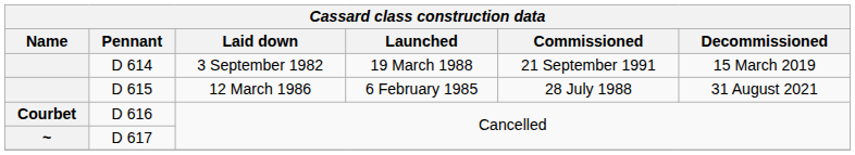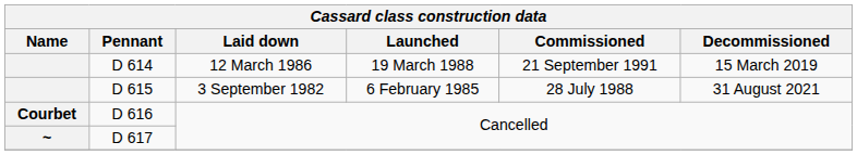 <table class="wikitable plainrowheaders" style="margin:auto; width:100%;">
 <tr>
 <th colspan="6"><strong><em>Cassard<em> class construction data<strong></th>
 </tr>
 <tr>
 <th scope="col">Name</th>
 <th scope="col">Pennant</th>
 <th scope="col">Laid down</th>
 <th scope="col">Launched</th>
 <th scope="col">Commissioned</th>
 <th scope="col">Decommissioned</th>
 </tr>
 <tr>
 <th scope="row" align="center"></th>
 <td align="center">D 614</td>
-<td align="center">3 September 1982</td>
+<td align="center">12 March 1986</td>
 <td align="center">19 March 1988</td>
 <td align="center">21 September 1991</td>
 <td align="center">15 March 2019</td>
 </tr>
 <tr>
 <th scope="row" align="center"></th>
 <td align="center">D 615</td>
-<td align="center">12 March 1986</td>
+<td align="center">3 September 1982</td>
 <td align="center">6 February 1985</td>
 <td align="center">28 July 1988</td>
 <td align="center">31 August 2021</td>
 </tr>
 <tr>
 <th scope="row" align="center"></em>Courbet<em></th>
 <td align="center">D 616</td>
 <td align="center" rowspan="2" colspan="4">Cancelled</td>
 </tr>
 <tr>
 <th scope="row" align="center">~</th>
 <td align="center">D 617</td>
 </tr>
 <tr>
 </tr>
 </table>
